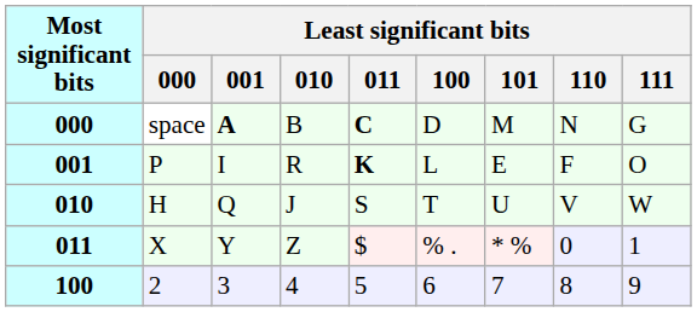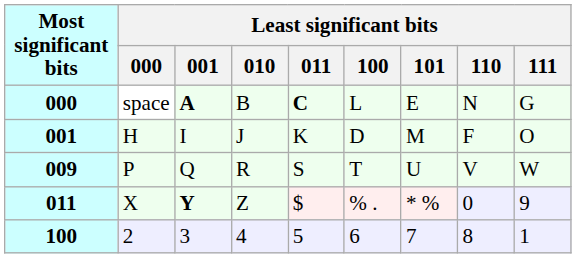 <table class="wikitable">
 <tr>
 <th style="background:#ccffff" rowspan=2>Most<br>significant<br>bits</th>
 <th colspan="8">Least significant bits</th>
 </tr>
 <tr>
 <th width="10%">000</th>
 <th width="10%">001</th>
 <th width="10%">010</th>
 <th width="10%">011</th>
 <th width="10%">100</th>
 <th width="10%">101</th>
 <th width="10%">110</th>
 <th width="10%">111</th>
 </tr>
 <tr>
 <th style="background:#ccffff">000</th>
 <td style="background:white">space</td>
 <td style="background:#eeffee"><strong>A</strong></td>
 <td style="background:#eeffee">B</td>
 <td style="background:#eeffee"><strong>C</strong></td>
-<td style="background:#eeffee">D</td>
-<td style="background:#eeffee">M</td>
+<td style="background:#eeffee">L</td>
+<td style="background:#eeffee">E</td>
 <td style="background:#eeffee">N</td>
 <td style="background:#eeffee">G</td>
 </tr>
 <tr>
 <th style="background:#ccffff">001</th>
-<td style="background:#eeffee">P</td>
+<td style="background:#eeffee">H</td>
 <td style="background:#eeffee">I</td>
-<td style="background:#eeffee">R</td>
-<td style="background:#eeffee"><strong>K</strong></td>
-<td style="background:#eeffee">L</td>
-<td style="background:#eeffee">E</td>
+<td style="background:#eeffee">J</td>
+<td style="background:#eeffee">K</td>
+<td style="background:#eeffee">D</td>
+<td style="background:#eeffee">M</td>
 <td style="background:#eeffee">F</td>
 <td style="background:#eeffee">O</td>
 </tr>
 <tr>
-<th style="background:#ccffff">010</th>
-<td style="background:#eeffee">H</td>
+<th style="background:#ccffff">009</th>
+<td style="background:#eeffee">P</td>
 <td style="background:#eeffee">Q</td>
-<td style="background:#eeffee">J</td>
+<td style="background:#eeffee">R</td>
 <td style="background:#eeffee">S</td>
 <td style="background:#eeffee">T</td>
 <td style="background:#eeffee">U</td>
 <td style="background:#eeffee">V</td>
 <td style="background:#eeffee">W</td>
 </tr>
 <tr>
 <th style="background:#ccffff">011</th>
 <td style="background:#eeffee">X</td>
-<td style="background:#eeffee">Y</td>
+<td style="background:#eeffee"><strong>Y</strong></td>
 <td style="background:#eeffee">Z</td>
 <td style="background:#ffeeee">$</td>
 <td style="background:#ffeeee">% .</td>
 <td style="background:#ffeeee">* %</td>
 <td style="background:#eeeeff">0</td>
-<td style="background:#eeeeff">1</td>
+<td style="background:#eeeeff">9</td>
 </tr>
 <tr>
 <th style="background:#ccffff">100</th>
 <td style="background:#eeeeff">2</td>
 <td style="background:#eeeeff">3</td>
 <td style="background:#eeeeff">4</td>
 <td style="background:#eeeeff">5</td>
 <td style="background:#eeeeff">6</td>
 <td style="background:#eeeeff">7</td>
 <td style="background:#eeeeff">8</td>
-<td style="background:#eeeeff">9</td>
+<td style="background:#eeeeff">1</td>
 </tr>
 </table>
